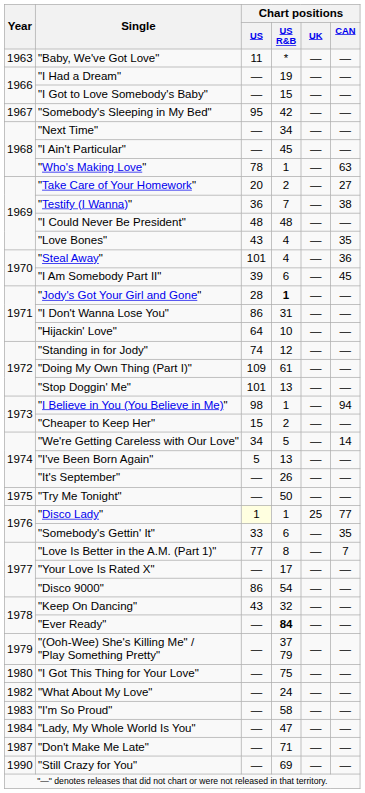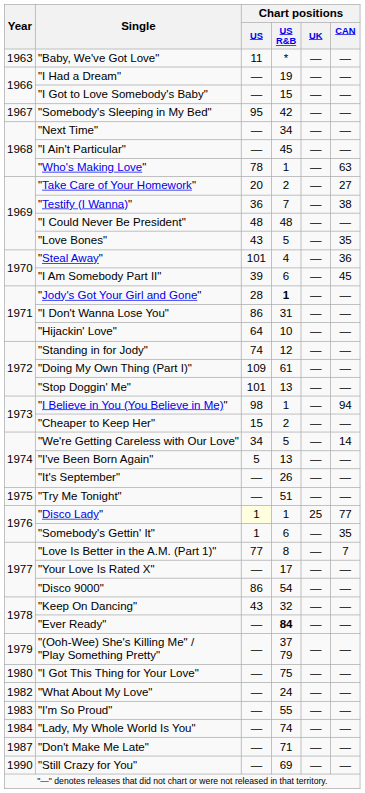 <table class="wikitable" style="text-align:center;">
 <tr>
 <th rowspan="2" data-sort-type="number">Year</th>
 <th rowspan="2" data-sort-type="text">Single</th>
 <th colspan="4">Chart positions</th>
 </tr>
 <tr style="font-size:small;">
 <th style="width:35px;"><a href='#'>US</a><br></th>
 <th style="width:35px;"><a href='#'>US R&B</a><br></th>
 <th style="width:35px;"><a href='#'>UK</a><br></th>
 <th style="width:35px;"><a href='#'>CAN</a><br><br></th>
 </tr>
 <tr>
 <td>1963</td>
 <td style="text-align:left;">"Baby, We've Got Love"</td>
 <td>11</td>
 <td>*</td>
 <td>—</td>
 <td>—</td>
 </tr>
 <tr>
 <td rowspan="2">1966</td>
 <td style="text-align:left;">"I Had a Dream"</td>
 <td>—</td>
 <td>19</td>
 <td>—</td>
 <td>—</td>
 </tr>
 <tr>
 <td style="text-align:left;">"I Got to Love Somebody's Baby"</td>
 <td>—</td>
 <td>15</td>
 <td>—</td>
 <td>—</td>
 </tr>
 <tr>
 <td>1967</td>
 <td style="text-align:left;">"Somebody's Sleeping in My Bed"</td>
 <td>95</td>
 <td>42</td>
 <td>—</td>
 <td>—</td>
 </tr>
 <tr>
 <td rowspan="3">1968</td>
 <td style="text-align:left;">"Next Time"</td>
 <td>—</td>
 <td>34</td>
 <td>—</td>
 <td>—</td>
 </tr>
 <tr>
 <td style="text-align:left;">"I Ain't Particular"</td>
 <td>—</td>
 <td>45</td>
 <td>—</td>
 <td>—</td>
 </tr>
 <tr>
 <td style="text-align:left;">"<a href='#'>Who's Making Love</a>"</td>
 <td>78</td>
 <td>1</td>
 <td>—</td>
 <td>63</td>
 </tr>
 <tr>
 <td rowspan="4">1969</td>
 <td style="text-align:left;">"<a href='#'>Take Care of Your Homework</a>"</td>
 <td>20</td>
 <td>2</td>
 <td>—</td>
 <td>27</td>
 </tr>
 <tr>
 <td style="text-align:left;">"<a href='#'>Testify (I Wanna)</a>"</td>
 <td>36</td>
 <td>7</td>
 <td>—</td>
 <td>38</td>
 </tr>
 <tr>
 <td style="text-align:left;">"I Could Never Be President"</td>
 <td>48</td>
 <td>48</td>
 <td>—</td>
 <td>—</td>
 </tr>
 <tr>
 <td style="text-align:left;">"Love Bones"</td>
 <td>43</td>
-<td>4</td>
+<td>5</td>
 <td>—</td>
 <td>35</td>
 </tr>
 <tr>
 <td rowspan="2">1970</td>
 <td style="text-align:left;">"<a href='#'>Steal Away</a>"</td>
 <td>101</td>
 <td>4</td>
 <td>—</td>
 <td>36</td>
 </tr>
 <tr>
 <td style="text-align:left;">"I Am Somebody Part II"</td>
 <td>39</td>
 <td>6</td>
 <td>—</td>
 <td>45</td>
 </tr>
 <tr>
 <td rowspan="3">1971</td>
 <td style="text-align:left;">"<a href='#'>Jody's Got Your Girl and Gone</a>"</td>
 <td>28</td>
 <td><strong>1</strong></td>
 <td>—</td>
 <td>—</td>
 </tr>
 <tr>
 <td style="text-align:left;">"I Don't Wanna Lose You"</td>
 <td>86</td>
 <td>31</td>
 <td>—</td>
 <td>—</td>
 </tr>
 <tr>
 <td style="text-align:left;">"Hijackin' Love"</td>
 <td>64</td>
 <td>10</td>
 <td>—</td>
 <td>—</td>
 </tr>
 <tr>
 <td rowspan="3">1972</td>
 <td style="text-align:left;">"Standing in for Jody"</td>
 <td>74</td>
 <td>12</td>
 <td>—</td>
 <td>—</td>
 </tr>
 <tr>
 <td style="text-align:left;">"Doing My Own Thing (Part I)"</td>
 <td>109</td>
 <td>61</td>
 <td>—</td>
 <td>—</td>
 </tr>
 <tr>
 <td style="text-align:left;">"Stop Doggin' Me"</td>
 <td>101</td>
 <td>13</td>
 <td>—</td>
 <td>—</td>
 </tr>
 <tr>
 <td rowspan="2">1973</td>
 <td style="text-align:left;">"<a href='#'>I Believe in You (You Believe in Me)</a>"</td>
 <td>98</td>
 <td>1</td>
 <td>—</td>
 <td>94</td>
 </tr>
 <tr>
 <td style="text-align:left;">"Cheaper to Keep Her"</td>
 <td>15</td>
 <td>2</td>
 <td>—</td>
 <td>—</td>
 </tr>
 <tr>
 <td rowspan="3">1974</td>
 <td style="text-align:left;">"We're Getting Careless with Our Love"</td>
 <td>34</td>
 <td>5</td>
 <td>—</td>
 <td>14</td>
 </tr>
 <tr>
 <td style="text-align:left;">"I've Been Born Again"</td>
 <td>5</td>
 <td>13</td>
 <td>—</td>
 <td>—</td>
 </tr>
 <tr>
 <td style="text-align:left;">"It's September"</td>
 <td>—</td>
 <td>26</td>
 <td>—</td>
 <td>—</td>
 </tr>
 <tr>
 <td>1975</td>
 <td style="text-align:left;">"Try Me Tonight"</td>
 <td>—</td>
-<td>50</td>
+<td>51</td>
 <td>—</td>
 <td>—</td>
 </tr>
 <tr>
 <td rowspan="2">1976</td>
 <td style="text-align:left;">"<a href='#'>Disco Lady</a>"</td>
 <td style="background: lightyellow;">1</td>
 <td>1</td>
 <td>25</td>
 <td>77</td>
 </tr>
 <tr>
 <td style="text-align:left;">"Somebody's Gettin' It"</td>
-<td>33</td>
+<td>1</td>
 <td>6</td>
 <td>—</td>
 <td>35</td>
 </tr>
 <tr>
 <td rowspan="3">1977</td>
 <td style="text-align:left;">"Love Is Better in the A.M. (Part 1)"</td>
 <td>77</td>
 <td>8</td>
 <td>—</td>
 <td>7</td>
 </tr>
 <tr>
 <td style="text-align:left;">"Your Love Is Rated X"</td>
 <td>—</td>
 <td>17</td>
 <td>—</td>
 <td>—</td>
 </tr>
 <tr>
 <td style="text-align:left;">"Disco 9000"</td>
 <td>86</td>
 <td>54</td>
 <td>—</td>
 <td>—</td>
 </tr>
 <tr>
 <td rowspan="2">1978</td>
 <td style="text-align:left;">"Keep On Dancing"</td>
 <td>43</td>
 <td>32</td>
 <td>—</td>
 <td>—</td>
 </tr>
 <tr>
 <td style="text-align:left;">"Ever Ready"</td>
 <td>—</td>
 <td><strong>84</strong></td>
 <td>—</td>
 <td>—</td>
 </tr>
 <tr>
 <td>1979</td>
 <td style="text-align:left;">"(Ooh-Wee) She's Killing Me" /<br>"Play Something Pretty"</td>
 <td>—</td>
 <td>37<br>79</td>
 <td>—</td>
 <td>—</td>
 </tr>
 <tr>
 <td>1980</td>
 <td style="text-align:left;">"I Got This Thing for Your Love"</td>
 <td>—</td>
 <td>75</td>
 <td>—</td>
 <td>—</td>
 </tr>
 <tr>
 <td>1982</td>
 <td style="text-align:left;">"What About My Love"</td>
 <td>—</td>
 <td>24</td>
 <td>—</td>
 <td>—</td>
 </tr>
 <tr>
 <td>1983</td>
 <td style="text-align:left;">"I'm So Proud"</td>
 <td>—</td>
-<td>58</td>
+<td>55</td>
 <td>—</td>
 <td>—</td>
 </tr>
 <tr>
 <td>1984</td>
 <td style="text-align:left;">"Lady, My Whole World Is You"</td>
 <td>—</td>
-<td>47</td>
+<td>74</td>
 <td>—</td>
 <td>—</td>
 </tr>
 <tr>
 <td>1987</td>
 <td style="text-align:left;">"Don't Make Me Late"</td>
 <td>—</td>
 <td>71</td>
 <td>—</td>
 <td>—</td>
 </tr>
 <tr>
 <td>1990</td>
 <td style="text-align:left;">"Still Crazy for You"</td>
 <td>—</td>
 <td>69</td>
 <td>—</td>
 <td>—</td>
 </tr>
 <tr>
 <td colspan="6" style="font-size:9pt">"—" denotes releases that did not chart or were not released in that territory.</td>
 </tr>
 </table>
